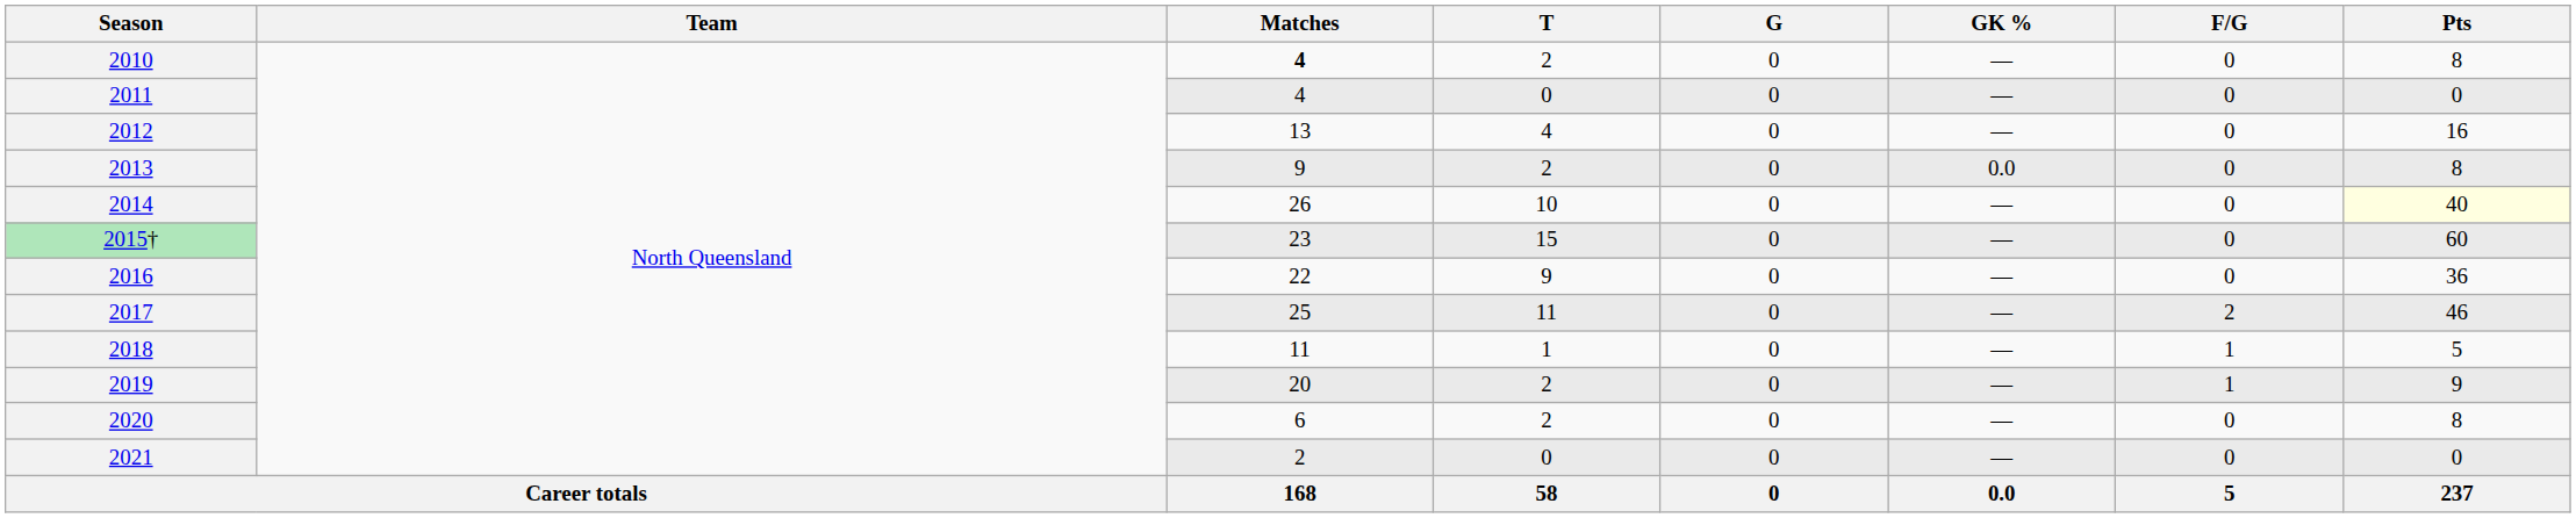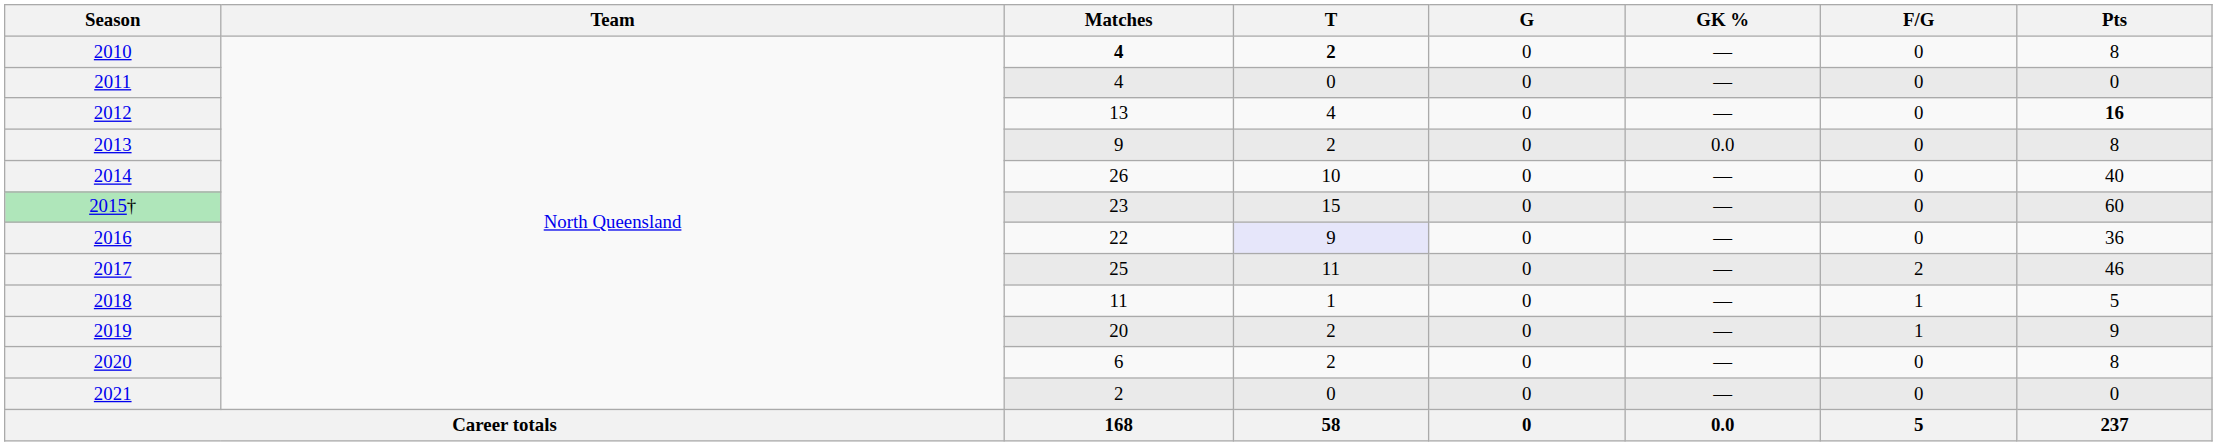 <table class="wikitable sortable"  style="font-size:90%; text-align:center; width:85%;">
 <tr>
 <th width=2%>Season</th>
 <th width=8%>Team</th>
 <th width=2%>Matches</th>
 <th width=2%>T</th>
 <th width=2%>G</th>
 <th width=2%>GK %</th>
 <th width=2%>F/G</th>
 <th width=2%>Pts</th>
 </tr>
 <tr>
 <th scope="row" style="text-align:center; font-weight:normal"><a href='#'>2010</a></th>
 <td rowspan="12" style="text-align:center;"> <a href='#'>North Queensland</a></td>
 <td><strong>4</strong></td>
-<td>2</td>
+<td><strong>2</strong></td>
 <td>0</td>
 <td>—</td>
 <td>0</td>
 <td>8</td>
 </tr>
 <tr style="background:#eaeaea;">
 <th scope="row" style="text-align:center; font-weight:normal"><a href='#'>2011</a></th>
 <td>4</td>
 <td>0</td>
 <td>0</td>
 <td>—</td>
 <td>0</td>
 <td>0</td>
 </tr>
 <tr>
 <th scope="row" style="text-align:center; font-weight:normal"><a href='#'>2012</a></th>
 <td>13</td>
 <td>4</td>
 <td>0</td>
 <td>—</td>
 <td>0</td>
-<td>16</td>
+<td><strong>16</strong></td>
 </tr>
 <tr style="background:#eaeaea;">
 <th scope="row" style="text-align:center; font-weight:normal"><a href='#'>2013</a></th>
 <td>9</td>
 <td>2</td>
 <td>0</td>
 <td>0.0</td>
 <td>0</td>
 <td>8</td>
 </tr>
 <tr>
 <th scope="row" style="text-align:center; font-weight:normal"><a href='#'>2014</a></th>
 <td>26</td>
 <td>10</td>
 <td>0</td>
 <td>—</td>
 <td>0</td>
-<td style="background: lightyellow;">40</td>
+<td>40</td>
 </tr>
 <tr style="background:#eaeaea;">
 <th scope="row" style="text-align:center; font-weight:normal; background:#afe6ba;"><a href='#'>2015</a>†</th>
 <td>23</td>
 <td>15</td>
 <td>0</td>
 <td>—</td>
 <td>0</td>
 <td>60</td>
 </tr>
 <tr>
 <th scope="row" style="text-align:center; font-weight:normal"><a href='#'>2016</a></th>
 <td>22</td>
-<td>9</td>
+<td style="background: lavender;">9</td>
 <td>0</td>
 <td>—</td>
 <td>0</td>
 <td>36</td>
 </tr>
 <tr style="background:#eaeaea;">
 <th scope="row" style="text-align:center; font-weight:normal"><a href='#'>2017</a></th>
 <td>25</td>
 <td>11</td>
 <td>0</td>
 <td>—</td>
 <td>2</td>
 <td>46</td>
 </tr>
 <tr>
 <th scope="row" style="text-align:center; font-weight:normal"><a href='#'>2018</a></th>
 <td>11</td>
 <td>1</td>
 <td>0</td>
 <td>—</td>
 <td>1</td>
 <td>5</td>
 </tr>
 <tr style="background:#eaeaea;">
 <th scope="row" style="text-align:center; font-weight:normal"><a href='#'>2019</a></th>
 <td>20</td>
 <td>2</td>
 <td>0</td>
 <td>—</td>
 <td>1</td>
 <td>9</td>
 </tr>
 <tr>
 <th scope="row" style="text-align:center; font-weight:normal"><a href='#'>2020</a></th>
 <td>6</td>
 <td>2</td>
 <td>0</td>
 <td>—</td>
 <td>0</td>
 <td>8</td>
 </tr>
 <tr style="background:#eaeaea;">
 <th scope="row" style="text-align:center; font-weight:normal"><a href='#'>2021</a></th>
 <td>2</td>
 <td>0</td>
 <td>0</td>
 <td>—</td>
 <td>0</td>
 <td>0</td>
 </tr>
 <tr class="sortbottom">
 <th colspan=2>Career totals</th>
 <th>168</th>
 <th>58</th>
 <th>0</th>
 <th>0.0</th>
 <th>5</th>
 <th>237</th>
 </tr>
 </table>
